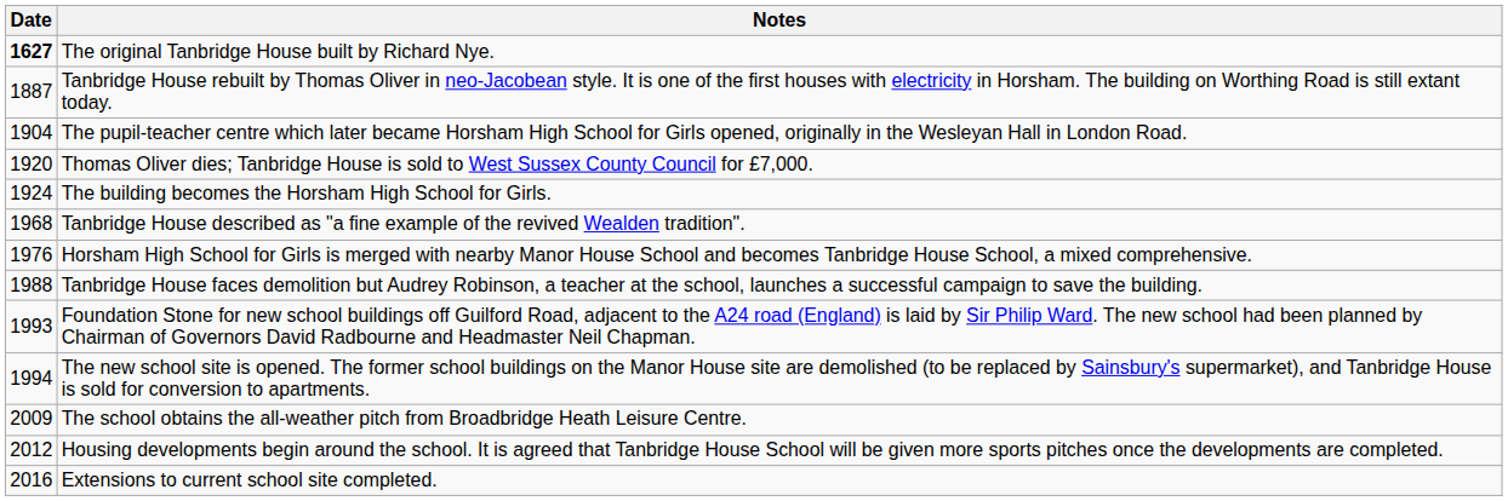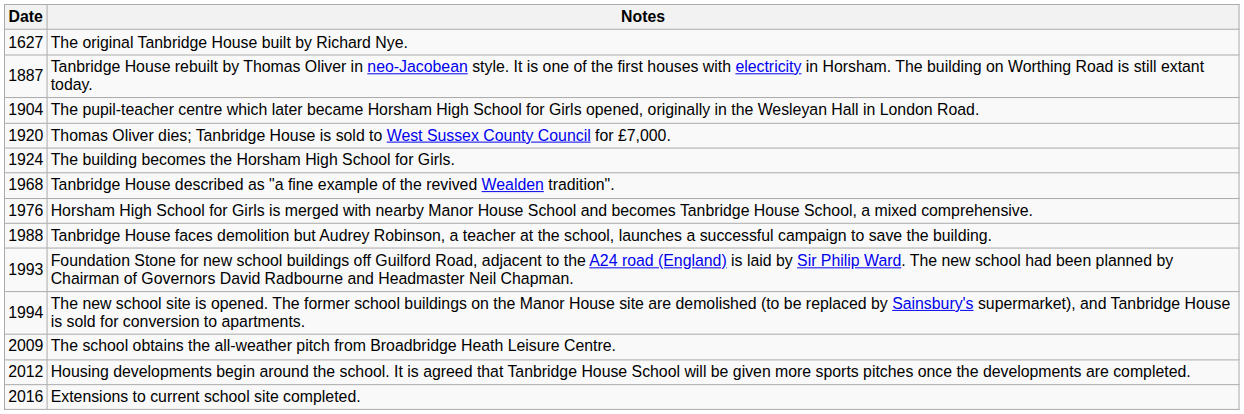 <table class="wikitable">
 <tr>
 <th>Date</th>
 <th>Notes</th>
 </tr>
 <tr>
-<td><strong>1627</strong></td>
+<td>1627</td>
 <td>The original Tanbridge House built by Richard Nye.</td>
 </tr>
 <tr>
 <td>1887</td>
 <td>Tanbridge House rebuilt by Thomas Oliver in <a href='#'>neo-Jacobean</a> style. It is one of the first houses with <a href='#'>electricity</a> in Horsham. The building on Worthing Road is still extant today.</td>
 </tr>
 <tr>
 <td>1904</td>
 <td>The pupil-teacher centre which later became Horsham High School for Girls opened, originally in the Wesleyan Hall in London Road.</td>
 </tr>
 <tr>
 <td>1920</td>
 <td>Thomas Oliver dies; Tanbridge House is sold to <a href='#'>West Sussex County Council</a> for £7,000.</td>
 </tr>
 <tr>
 <td>1924</td>
 <td>The building becomes the Horsham High School for Girls.</td>
 </tr>
 <tr>
 <td>1968</td>
 <td>Tanbridge House described as "a fine example of the revived <a href='#'>Wealden</a> tradition".</td>
 </tr>
 <tr>
 <td>1976</td>
 <td>Horsham High School for Girls is merged with nearby Manor House School and becomes Tanbridge House School, a mixed comprehensive.</td>
 </tr>
 <tr>
 <td>1988</td>
 <td>Tanbridge House faces demolition but Audrey Robinson, a teacher at the school, launches a successful campaign to save the building.</td>
 </tr>
 <tr>
 <td>1993</td>
 <td>Foundation Stone for new school buildings off Guilford Road, adjacent to the <a href='#'>A24 road (England)</a> is laid by <a href='#'>Sir Philip Ward</a>. The new school had been planned by Chairman of Governors David Radbourne and Headmaster Neil Chapman.</td>
 </tr>
 <tr>
 <td>1994</td>
 <td>The new school site is opened. The former school buildings on the Manor House site are demolished (to be replaced by <a href='#'>Sainsbury's</a> supermarket), and Tanbridge House is sold for conversion to apartments.</td>
 </tr>
 <tr>
 <td>2009</td>
 <td>The school obtains the all-weather pitch from Broadbridge Heath Leisure Centre.</td>
 </tr>
 <tr>
 <td>2012</td>
 <td>Housing developments begin around the school. It is agreed that Tanbridge House School will be given more sports pitches once the developments are completed.</td>
 </tr>
 <tr>
 <td>2016</td>
 <td>Extensions to current school site completed.</td>
 </tr>
 </table>
